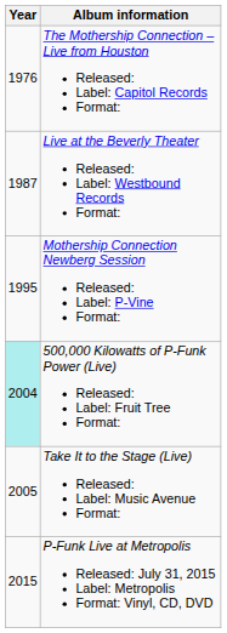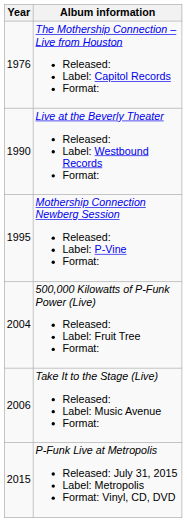 <table class="wikitable">
 <tr>
 <th style="width:33px;">Year</th>
 <th style="width:215px;">Album information</th>
 </tr>
 <tr>
 <td style="text-align:center;">1976</td>
 <td><em><a href='#'>The Mothership Connection – Live from Houston</a></em><br><ul><li>Released:</li><li>Label: <a href='#'>Capitol Records</a></li><li>Format:</li></ul></td>
 </tr>
 <tr>
-<td style="text-align:center;">1987</td>
+<td style="text-align:center;">1990</td>
 <td><em><a href='#'>Live at the Beverly Theater</a></em><br><ul><li>Released:</li><li>Label: <a href='#'>Westbound Records</a></li><li>Format:</li></ul></td>
 </tr>
 <tr>
 <td style="text-align:center;">1995</td>
 <td><em><a href='#'>Mothership Connection Newberg Session</a></em><br><ul><li>Released:</li><li>Label: <a href='#'>P-Vine</a></li><li>Format:</li></ul></td>
 </tr>
 <tr>
-<td style="background: paleturquoise; text-align:center;">2004</td>
+<td style="text-align:center;">2004</td>
 <td><em>500,000 Kilowatts of P-Funk Power (Live)</em><br><ul><li>Released:</li><li>Label: Fruit Tree</li><li>Format:</li></ul></td>
 </tr>
 <tr>
-<td style="text-align:center;">2005</td>
+<td style="text-align:center;">2006</td>
 <td><em>Take It to the Stage (Live)</em><br><ul><li>Released:</li><li>Label: Music Avenue</li><li>Format:</li></ul></td>
 </tr>
 <tr>
 <td style="text-align:center;">2015</td>
 <td><em>P-Funk Live at Metropolis</em><br><ul><li>Released: July 31, 2015</li><li>Label: Metropolis</li><li>Format: Vinyl, CD, DVD</li></ul></td>
 </tr>
 </table>
